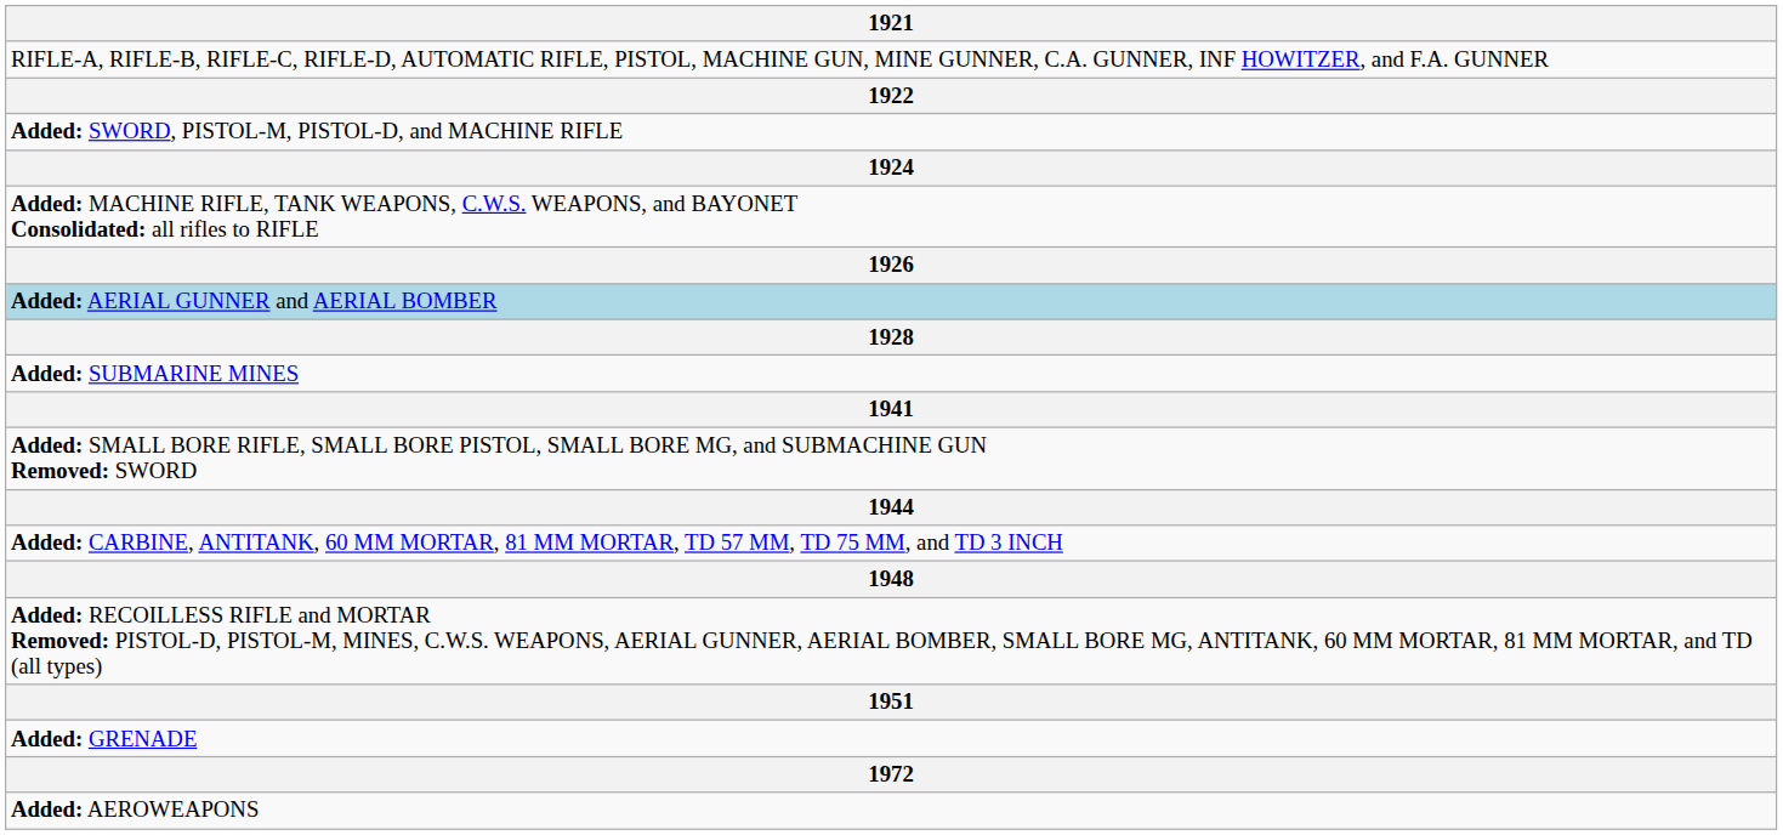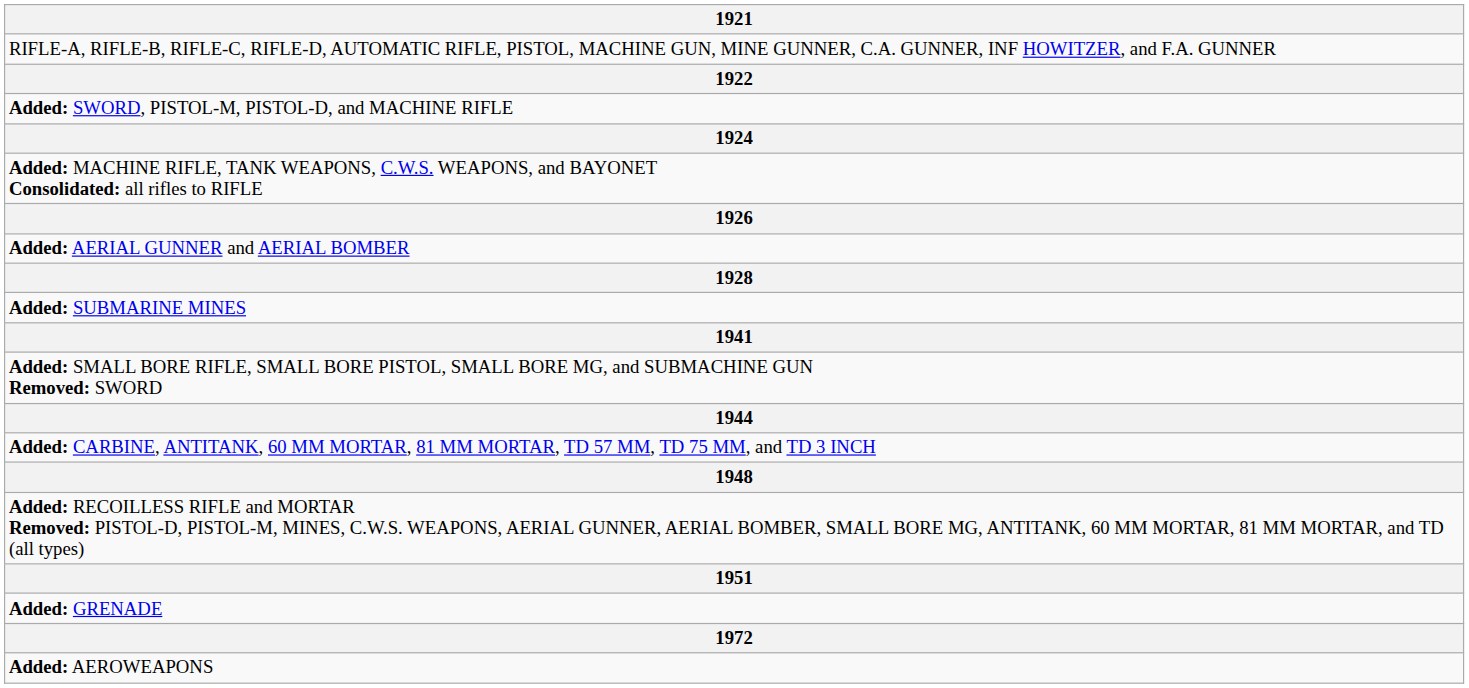 <table class="wikitable">
 <tr>
 <th><strong>1921</strong></th>
 </tr>
 <tr>
 <td>RIFLE-A, RIFLE-B, RIFLE-C, RIFLE-D, AUTOMATIC RIFLE, PISTOL, MACHINE GUN, MINE GUNNER, C.A. GUNNER, INF <a href='#'>HOWITZER</a>, and F.A. GUNNER</td>
 </tr>
 <tr>
 <th><strong>1922</strong></th>
 </tr>
 <tr>
 <td><strong>Added:</strong> <a href='#'>SWORD</a>, PISTOL-M, PISTOL-D, and MACHINE RIFLE</td>
 </tr>
 <tr>
 <th><strong>1924</strong></th>
 </tr>
 <tr>
 <td><strong>Added:</strong> MACHINE RIFLE, TANK WEAPONS, <a href='#'>C.W.S.</a> WEAPONS, and BAYONET<br><strong>Consolidated:</strong> all rifles to RIFLE</td>
 </tr>
 <tr>
 <th><strong>1926</strong></th>
 </tr>
 <tr>
-<td style="background: lightblue;"><strong>Added:</strong> <a href='#'>AERIAL GUNNER</a> and <a href='#'>AERIAL BOMBER</a></td>
+<td><strong>Added:</strong> <a href='#'>AERIAL GUNNER</a> and <a href='#'>AERIAL BOMBER</a></td>
 </tr>
 <tr>
 <th><strong>1928</strong></th>
 </tr>
 <tr>
 <td><strong>Added:</strong> <a href='#'>SUBMARINE MINES</a></td>
 </tr>
 <tr>
 <th><strong>1941</strong></th>
 </tr>
 <tr>
 <td><strong>Added:</strong> SMALL BORE RIFLE, SMALL BORE PISTOL, SMALL BORE MG, and SUBMACHINE GUN<br><strong>Removed:</strong> SWORD</td>
 </tr>
 <tr>
 <th><strong>1944</strong></th>
 </tr>
 <tr>
 <td><strong>Added:</strong> <a href='#'>CARBINE</a>, <a href='#'>ANTITANK</a>, <a href='#'>60 MM MORTAR</a>, <a href='#'>81 MM MORTAR</a>, <a href='#'>TD 57 MM</a>, <a href='#'>TD 75 MM</a>, and <a href='#'>TD 3 INCH</a></td>
 </tr>
 <tr>
 <th><strong>1948</strong></th>
 </tr>
 <tr>
 <td><strong>Added:</strong> RECOILLESS RIFLE and MORTAR<br><strong>Removed:</strong> PISTOL-D, PISTOL-M, MINES, C.W.S. WEAPONS, AERIAL GUNNER, AERIAL BOMBER, SMALL BORE MG, ANTITANK, 60 MM MORTAR, 81 MM MORTAR, and TD (all types)</td>
 </tr>
 <tr>
 <th><strong>1951</strong></th>
 </tr>
 <tr>
 <td><strong>Added:</strong> <a href='#'>GRENADE</a></td>
 </tr>
 <tr>
 <th><strong>1972</strong></th>
 </tr>
 <tr>
 <td><strong>Added:</strong> AEROWEAPONS</td>
 </tr>
 </table>
